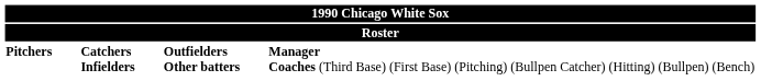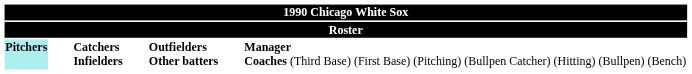 <table class="toccolours" style="font-size: 95%;">
 <tr>
 <th colspan="10" style="background-color: black; color: #FFFFFF; text-align: center;">1990 Chicago White Sox</th>
 </tr>
 <tr>
 <td colspan="10" style="background-color:black; color: white; text-align: center;"><strong>Roster</strong></td>
 </tr>
 <tr>
-<td valign="top"><strong>Pitchers</strong><br>               </td>
+<td valign="top" style="background: paleturquoise;"><strong>Pitchers</strong><br>               </td>
 <td width="25px"></td>
 <td valign="top"><strong>Catchers</strong><br>   <strong>Infielders</strong>         </td>
 <td width="25px"></td>
 <td valign="top"><strong>Outfielders</strong><br>        <strong>Other batters</strong> </td>
 <td width="25px"></td>
 <td valign="top"><strong>Manager</strong><br> <strong>Coaches</strong>  (Third Base)  (First Base)  (Pitching)  (Bullpen Catcher)  (Hitting)  (Bullpen)  (Bench)</td>
 </tr>
 </table>
